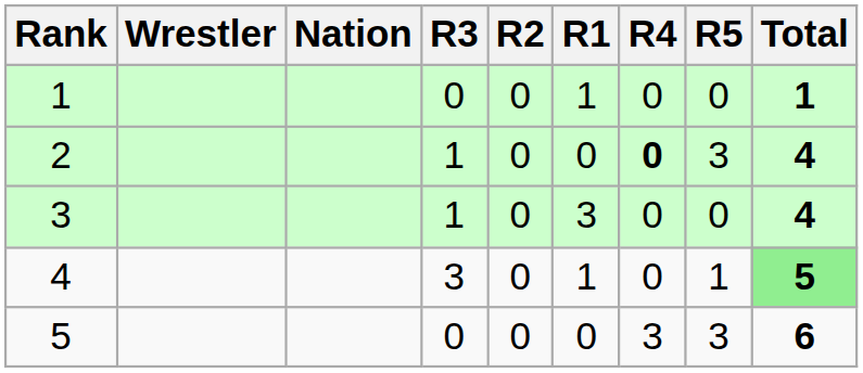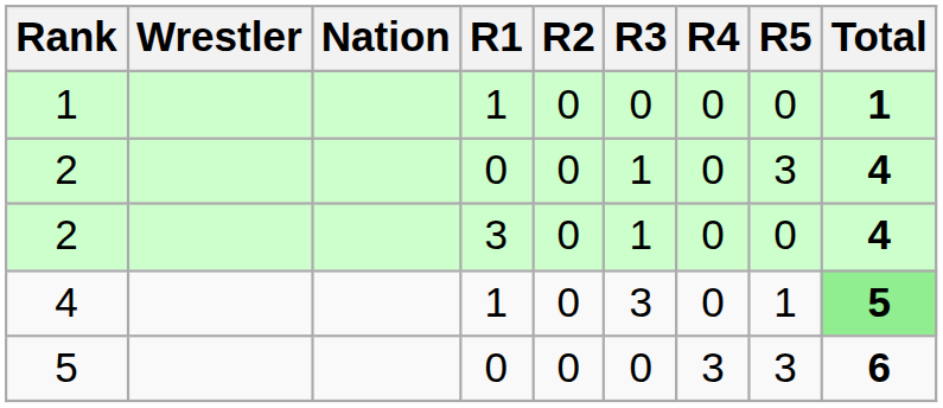 <table class="wikitable sortable" style="text-align:center;">
 <tr>
 <th>Rank</th>
 <th>Wrestler</th>
 <th>Nation</th>
+<th>R1</th>
+<th>R2</th>
 <th>R3</th>
-<th>R2</th>
-<th>R1</th>
 <th>R4</th>
 <th>R5</th>
 <th>Total</th>
 </tr>
 <tr style="background:#cfc;">
 <td>1</td>
 <td align=left></td>
 <td align=left></td>
+<td>1</td>
 <td>0</td>
 <td>0</td>
-<td>1</td>
 <td>0</td>
 <td>0</td>
 <td><strong>1</strong></td>
 </tr>
 <tr style="background:#cfc;">
 <td>2</td>
 <td align=left></td>
 <td align=left></td>
+<td>0</td>
+<td>0</td>
 <td>1</td>
 <td>0</td>
-<td>0</td>
-<td><strong>0</strong></td>
 <td>3</td>
 <td><strong>4</strong></td>
 </tr>
 <tr style="background:#cfc;">
-<td>3</td>
+<td>2</td>
 <td align=left></td>
 <td align=left></td>
+<td>3</td>
+<td>0</td>
 <td>1</td>
-<td>0</td>
-<td>3</td>
 <td>0</td>
 <td>0</td>
 <td><strong>4</strong></td>
 </tr>
 <tr>
 <td>4</td>
 <td align=left></td>
 <td align=left></td>
+<td>1</td>
+<td>0</td>
 <td>3</td>
-<td>0</td>
-<td>1</td>
 <td>0</td>
 <td>1</td>
 <td style="background: lightgreen;"><strong>5</strong></td>
 </tr>
 <tr>
 <td>5</td>
 <td align=left></td>
 <td align=left></td>
 <td>0</td>
 <td>0</td>
 <td>0</td>
 <td>3</td>
 <td>3</td>
 <td><strong>6</strong></td>
 </tr>
 </table>
